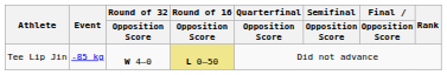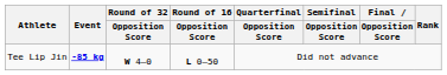 <table class="wikitable" style="text-align:center;font-size:90%">
 <tr>
 <th rowspan="2">Athlete</th>
 <th rowspan="2">Event</th>
 <th>Round of 32</th>
 <th>Round of 16</th>
 <th>Quarterfinal</th>
 <th>Semifinal</th>
 <th>Final / </th>
 <th rowspan="2">Rank</th>
 </tr>
 <tr style="font-size:95%">
 <th>Opposition<br>Score</th>
 <th>Opposition<br>Score</th>
 <th>Opposition<br>Score</th>
 <th>Opposition<br>Score</th>
 <th>Opposition<br>Score</th>
 </tr>
 <tr>
 <td align="left">Tee Lip Jin</td>
-<td align="left" rowspan="1"><a href='#'>-85 kg</a></td>
+<td align="left" rowspan="1"><strong><a href='#'>-85 kg</a></strong></td>
 <td><br><strong>W</strong> 4–0</td>
-<td style="background: khaki;"><br><strong>L</strong> 0–50</td>
+<td><br><strong>L</strong> 0–50</td>
 <td colspan="4">Did not advance</td>
 </tr>
 </table>
